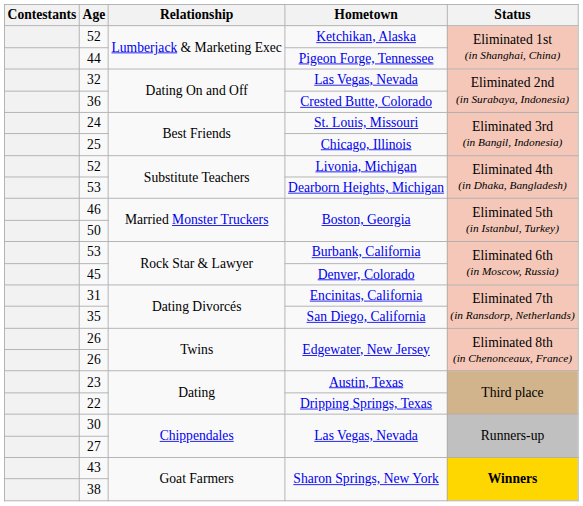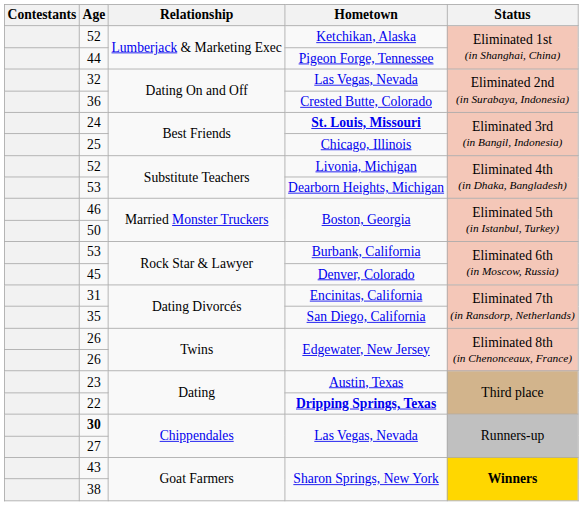 <table class="wikitable sortable" style="text-align:center;">
 <tr>
 <th scope="col">Contestants</th>
 <th scope="col">Age</th>
 <th scope="col" class="unsortable">Relationship</th>
 <th class="unsortable" scope="col">Hometown</th>
 <th scope="col">Status</th>
 </tr>
 <tr>
 <th scope="row"></th>
 <td>52</td>
 <td rowspan="2"><a href='#'>Lumberjack</a> & Marketing Exec</td>
 <td><a href='#'>Ketchikan, Alaska</a></td>
 <td rowspan="2" bgcolor="f4c7b8">Eliminated 1st<br><small><em>(in Shanghai, China)</em></small></td>
 </tr>
 <tr>
 <th scope="row"></th>
 <td>44</td>
 <td><a href='#'>Pigeon Forge, Tennessee</a></td>
 </tr>
 <tr>
 <th scope="row"></th>
 <td>32</td>
 <td rowspan="2">Dating On and Off</td>
 <td><a href='#'>Las Vegas, Nevada</a></td>
 <td rowspan="2" bgcolor="f4c7b8">Eliminated 2nd<br><small><em>(in Surabaya, Indonesia)</em></small></td>
 </tr>
 <tr>
 <th scope="row"></th>
 <td>36</td>
 <td><a href='#'>Crested Butte, Colorado</a></td>
 </tr>
 <tr>
 <th scope="row"></th>
 <td>24</td>
 <td rowspan="2">Best Friends</td>
-<td><a href='#'>St. Louis, Missouri</a></td>
+<td><strong><a href='#'>St. Louis, Missouri</a></strong></td>
 <td rowspan="2" bgcolor="f4c7b8">Eliminated 3rd<br><small><em>(in Bangil, Indonesia)</em></small></td>
 </tr>
 <tr>
 <th scope="row"></th>
 <td>25</td>
 <td><a href='#'>Chicago, Illinois</a></td>
 </tr>
 <tr>
 <th scope="row"></th>
 <td>52</td>
 <td rowspan="2">Substitute Teachers</td>
 <td><a href='#'>Livonia, Michigan</a></td>
 <td rowspan="2" bgcolor="f4c7b8">Eliminated 4th<br><small><em>(in Dhaka, Bangladesh)</em></small></td>
 </tr>
 <tr>
 <th scope="row"></th>
 <td>53</td>
 <td><a href='#'>Dearborn Heights, Michigan</a></td>
 </tr>
 <tr>
 <th scope="row"></th>
 <td>46</td>
 <td rowspan="2">Married <a href='#'>Monster Truckers</a></td>
 <td rowspan="2"><a href='#'>Boston, Georgia</a></td>
 <td rowspan="2" bgcolor="f4c7b8">Eliminated 5th<br><small><em>(in Istanbul, Turkey)</em></small></td>
 </tr>
 <tr>
 <th scope="row"></th>
 <td>50</td>
 </tr>
 <tr>
 <th scope="row"></th>
 <td>53</td>
 <td rowspan="2">Rock Star & Lawyer</td>
 <td><a href='#'>Burbank, California</a></td>
 <td rowspan="2" bgcolor="f4c7b8">Eliminated 6th<br><small><em>(in Moscow, Russia)</em></small></td>
 </tr>
 <tr>
 <th scope="row"></th>
 <td>45</td>
 <td><a href='#'>Denver, Colorado</a></td>
 </tr>
 <tr>
 <th scope="row"></th>
 <td>31</td>
 <td rowspan="2">Dating Divorcés</td>
 <td><a href='#'>Encinitas, California</a></td>
 <td rowspan="2" bgcolor="f4c7b8">Eliminated 7th<br><small><em>(in Ransdorp, Netherlands)</em></small></td>
 </tr>
 <tr>
 <th scope="row"></th>
 <td>35</td>
 <td><a href='#'>San Diego, California</a></td>
 </tr>
 <tr>
 <th scope="row"></th>
 <td>26</td>
 <td rowspan="2">Twins</td>
 <td rowspan="2"><a href='#'>Edgewater, New Jersey</a></td>
 <td rowspan="2" bgcolor="f4c7b8">Eliminated 8th<br><small><em>(in Chenonceaux, France)</em></small></td>
 </tr>
 <tr>
 <th scope="row"></th>
 <td>26</td>
 </tr>
 <tr>
 <th scope="row"></th>
 <td>23</td>
 <td rowspan="2">Dating</td>
 <td><a href='#'>Austin, Texas</a></td>
 <td rowspan="2" bgcolor="tan">Third place</td>
 </tr>
 <tr>
 <th scope="row"></th>
 <td>22</td>
-<td><a href='#'>Dripping Springs, Texas</a></td>
+<td><strong><a href='#'>Dripping Springs, Texas</a></strong></td>
 </tr>
 <tr>
 <th scope="row"></th>
-<td>30</td>
+<td><strong>30</strong></td>
 <td rowspan="2"><a href='#'>Chippendales</a></td>
 <td rowspan="2"><a href='#'>Las Vegas, Nevada</a></td>
 <td rowspan="2" bgcolor="silver">Runners-up</td>
 </tr>
 <tr>
 <th scope="row"></th>
 <td>27</td>
 </tr>
 <tr>
 <th scope="row"></th>
 <td>43</td>
 <td rowspan="2">Goat Farmers</td>
 <td rowspan="2"><a href='#'>Sharon Springs, New York</a></td>
 <td rowspan="2" bgcolor="gold"><strong>Winners</strong></td>
 </tr>
 <tr>
 <th scope="row"></th>
 <td>38</td>
 </tr>
 </table>
